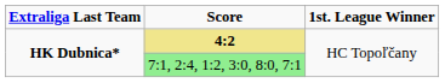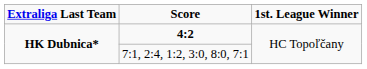 <table class="wikitable" style="text-align: center;">
 <tr>
 <td><strong><a href='#'>Extraliga</a> Last Team</strong></td>
 <td><strong>Score</strong></td>
 <td><strong>1st. League Winner</strong></td>
 </tr>
 <tr>
 <td rowspan="2" valign="left"><strong>HK Dubnica*</strong></td>
-<td style="background: khaki;"><strong>4:2</strong></td>
+<td><strong>4:2</strong></td>
 <td rowspan="2" valign="left">HC Topoľčany</td>
 </tr>
 <tr>
-<td style="background: lightgreen;">7:1, 2:4, 1:2, 3:0, 8:0, 7:1</td>
+<td>7:1, 2:4, 1:2, 3:0, 8:0, 7:1</td>
 </tr>
 </table>
